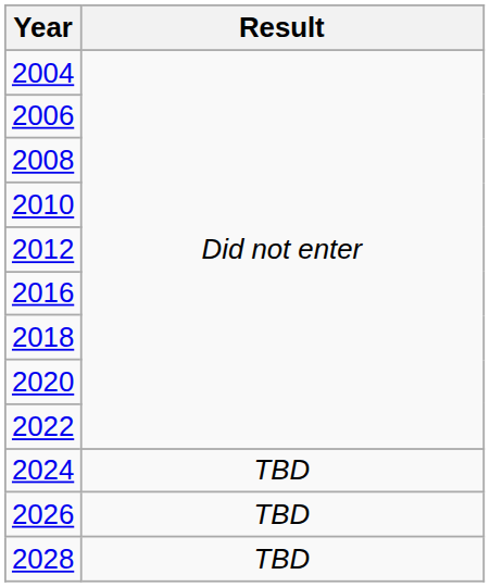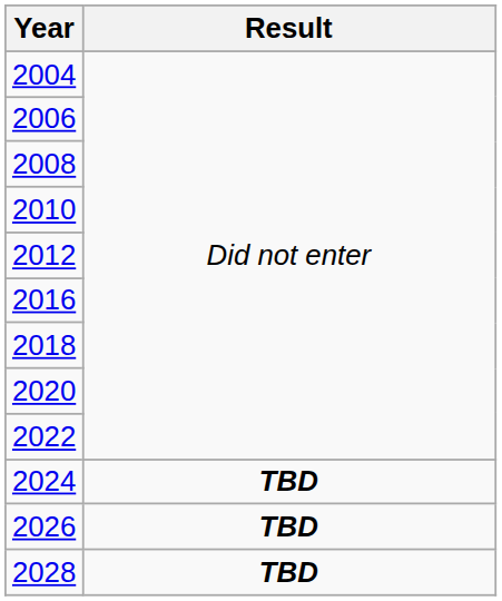 <table class="wikitable" style="text-align: center; font-size:90%">
 <tr>
 <th>Year</th>
 <th style="width:200px">Result</th>
 </tr>
 <tr>
 <td> <a href='#'>2004</a></td>
 <td rowspan="9"><em>Did not enter</em></td>
 </tr>
 <tr>
 <td> <a href='#'>2006</a></td>
 </tr>
 <tr>
 <td> <a href='#'>2008</a></td>
 </tr>
 <tr>
 <td> <a href='#'>2010</a></td>
 </tr>
 <tr>
 <td> <a href='#'>2012</a></td>
 </tr>
 <tr>
 <td> <a href='#'>2016</a></td>
 </tr>
 <tr>
 <td> <a href='#'>2018</a></td>
 </tr>
 <tr>
 <td> <a href='#'>2020</a></td>
 </tr>
 <tr>
 <td> <a href='#'>2022</a></td>
 </tr>
 <tr>
 <td> <a href='#'>2024</a></td>
-<td><em>TBD</em></td>
+<td><strong><em>TBD</em></strong></td>
 </tr>
 <tr>
 <td> <a href='#'>2026</a></td>
-<td><em>TBD</em></td>
+<td><strong><em>TBD</em></strong></td>
 </tr>
 <tr>
 <td> <a href='#'>2028</a></td>
-<td><em>TBD</em></td>
+<td><strong><em>TBD</em></strong></td>
 </tr>
 </table>
